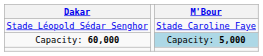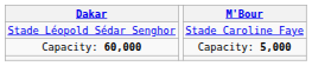 <table class="wikitable" style="text-align:center">
 <tr>
 <th><a href='#'>Dakar</a></th>
 <td rowspan="4"></td>
 <th><a href='#'>M'Bour</a></th>
 </tr>
 <tr>
 <td><a href='#'>Stade Léopold Sédar Senghor</a></td>
 <td><a href='#'>Stade Caroline Faye</a></td>
 </tr>
 <tr>
 <td>Capacity: <strong>60,000</strong></td>
-<td style="background: lightblue;">Capacity: <strong>5,000</strong></td>
+<td>Capacity: <strong>5,000</strong></td>
 </tr>
 <tr>
 <td></td>
 <td></td>
 </tr>
 </table>
